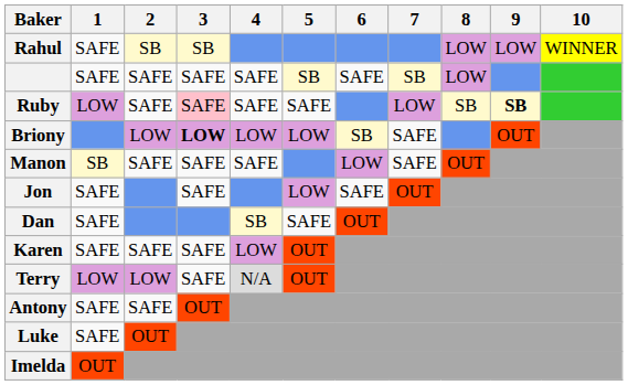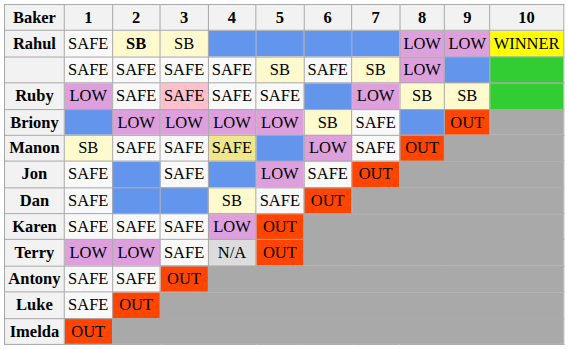 <table class="wikitable" style="text-align:center">
 <tr>
 <th scope="col">Baker</th>
 <th scope="col">1</th>
 <th scope="col">2</th>
 <th scope="col">3</th>
 <th scope="col">4</th>
 <th scope="col">5</th>
 <th scope="col">6</th>
 <th scope="col">7</th>
 <th scope="col">8</th>
 <th scope="col">9</th>
 <th scope="col">10</th>
 </tr>
 <tr>
 <th scope="row">Rahul</th>
 <td>SAFE</td>
-<td style="background:LemonChiffon;">SB</td>
+<td style="background:LemonChiffon;"><strong>SB</strong></td>
 <td style="background:LemonChiffon;">SB</td>
 <td style="background:Cornflowerblue;”"></td>
 <td style="background:Cornflowerblue;”"></td>
 <td style="background:Cornflowerblue;”"></td>
 <td style="background:Cornflowerblue;”"></td>
 <td style="background:Plum;">LOW</td>
 <td style="background:Plum;">LOW</td>
 <td style="background:Yellow;">WINNER</td>
 </tr>
 <tr>
 <th scope="row"></th>
 <td>SAFE</td>
 <td>SAFE</td>
 <td>SAFE</td>
 <td>SAFE</td>
 <td style="background:LemonChiffon;">SB</td>
 <td>SAFE</td>
 <td style="background:LemonChiffon;">SB</td>
 <td style="background:Plum;">LOW</td>
 <td style="background:Cornflowerblue;"></td>
 <td style="background:limegreen;"></td>
 </tr>
 <tr>
 <th scope="row">Ruby</th>
 <td style="background:Plum;">LOW</td>
 <td>SAFE</td>
 <td style="background: pink;">SAFE</td>
 <td>SAFE</td>
 <td>SAFE</td>
 <td style="background:Cornflowerblue;"></td>
 <td style="background:Plum;">LOW</td>
 <td style="background:LemonChiffon;">SB</td>
-<td style="background:LemonChiffon;"><strong>SB</strong></td>
+<td style="background:LemonChiffon;">SB</td>
 <td style="background:limegreen;"></td>
 </tr>
 <tr>
 <th scope="row">Briony</th>
 <td style="background:Cornflowerblue;"></td>
 <td style="background:Plum;">LOW</td>
-<td style="background:Plum;"><strong>LOW</strong></td>
+<td style="background:Plum;">LOW</td>
 <td style="background:Plum;">LOW</td>
 <td style="background:Plum;">LOW</td>
 <td style="background:LemonChiffon;">SB</td>
 <td>SAFE</td>
 <td style="background:Cornflowerblue;"></td>
 <td style="background:orangered;">OUT</td>
 <td colspan="2" style="background:darkgrey;"></td>
 </tr>
 <tr>
 <th scope="row">Manon</th>
 <td style="background:LemonChiffon;">SB</td>
 <td>SAFE</td>
 <td>SAFE</td>
-<td>SAFE</td>
+<td style="background: khaki;">SAFE</td>
 <td style="background:Cornflowerblue;”"></td>
 <td style="background:Plum;">LOW</td>
 <td>SAFE</td>
 <td style="background:orangered;">OUT</td>
 <td colspan="3" style="background:darkgrey;"></td>
 </tr>
 <tr>
 <th scope="row">Jon</th>
 <td>SAFE</td>
 <td style="background:Cornflowerblue;"></td>
 <td>SAFE</td>
 <td style="background:Cornflowerblue;"></td>
 <td style="background:Plum;">LOW</td>
 <td>SAFE</td>
 <td style="background:orangered;">OUT</td>
 <td colspan="4" style="background:darkgrey;"></td>
 </tr>
 <tr>
 <th scope="row">Dan</th>
 <td>SAFE</td>
 <td style="background:Cornflowerblue;"></td>
 <td style="background:Cornflowerblue;"></td>
 <td style="background:LemonChiffon;">SB</td>
 <td>SAFE</td>
 <td style="background:orangered;">OUT</td>
 <td colspan="5" style="background:darkgrey;"></td>
 </tr>
 <tr>
 <th scope="row">Karen</th>
 <td>SAFE</td>
 <td>SAFE</td>
 <td>SAFE</td>
 <td style="background:Plum;">LOW</td>
 <td style="background:orangered;">OUT</td>
 <td colspan="6" style="background:darkgrey;"></td>
 </tr>
 <tr>
 <th scope="row">Terry</th>
 <td style="background:Plum;">LOW</td>
 <td style="background:Plum;">LOW</td>
 <td>SAFE</td>
 <td style="background:Gainsboro;">N/A</td>
 <td style="background:orangered;">OUT</td>
 <td colspan="6" style="background:darkgrey;"></td>
 </tr>
 <tr>
 <th scope="row">Antony</th>
 <td>SAFE</td>
 <td>SAFE</td>
 <td style="background:orangered;">OUT</td>
 <td colspan="7" style="background:darkgrey;"></td>
 </tr>
 <tr>
 <th scope="row">Luke</th>
 <td>SAFE</td>
 <td style="background:orangered;">OUT</td>
 <td colspan="8" style="background:darkgrey;"></td>
 </tr>
 <tr>
 <th scope="row">Imelda</th>
 <td style="background:orangered;">OUT</td>
 <td colspan="9" style="background:darkgrey;"></td>
 </tr>
 </table>
